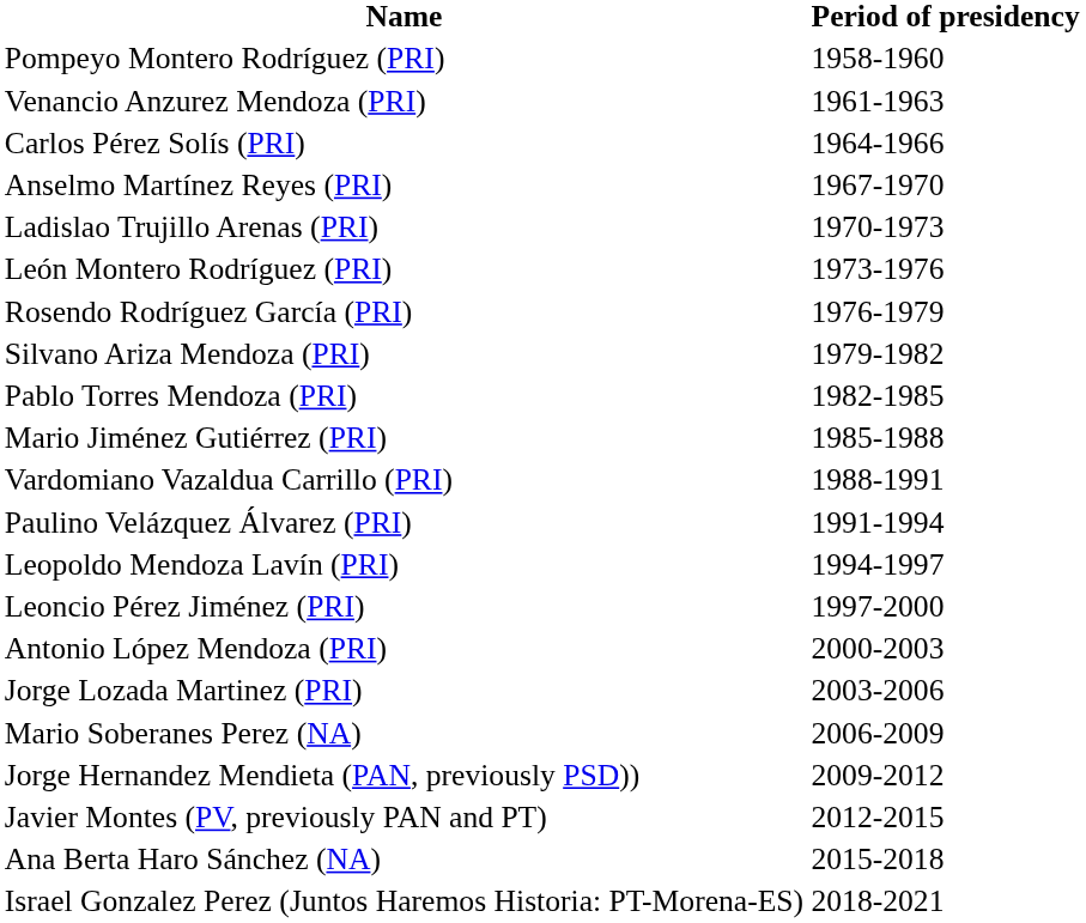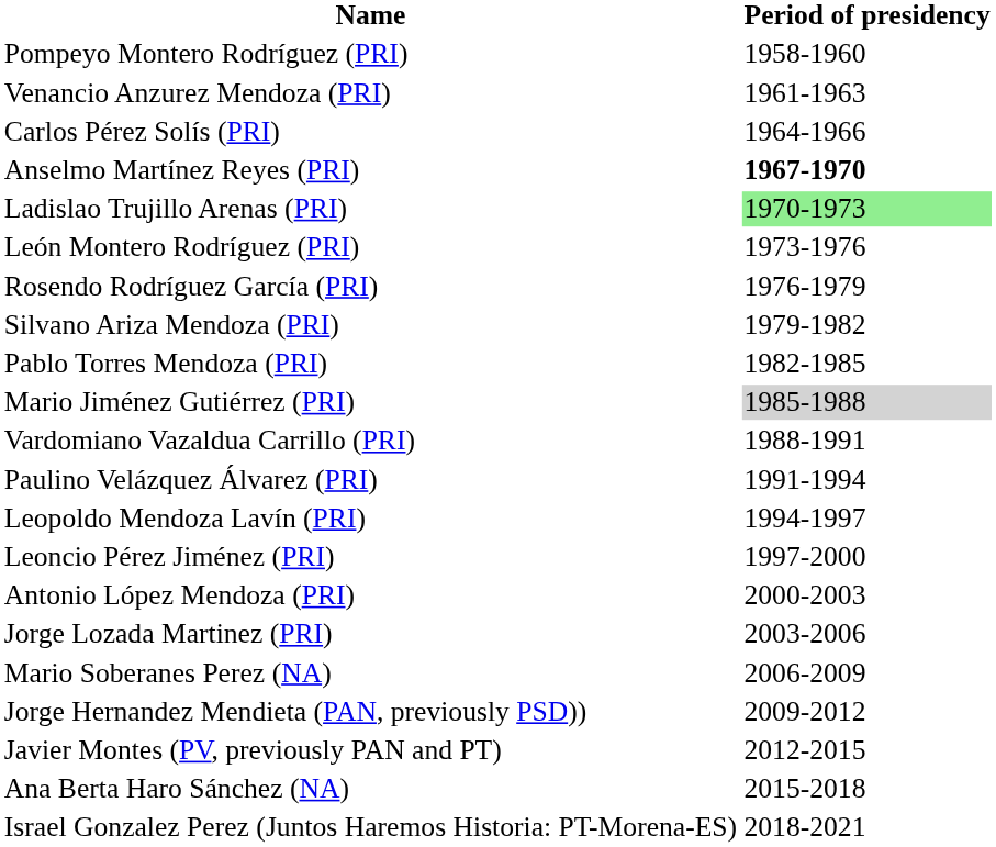 <table>
 <tr>
 <th>Name</th>
 <th>Period of presidency</th>
 </tr>
 <tr>
 <td>Pompeyo Montero Rodríguez (<a href='#'>PRI</a>)</td>
 <td>1958-1960</td>
 </tr>
 <tr>
 <td>Venancio Anzurez Mendoza (<a href='#'>PRI</a>)</td>
 <td>1961-1963</td>
 </tr>
 <tr>
 <td>Carlos Pérez Solís (<a href='#'>PRI</a>)</td>
 <td>1964-1966</td>
 </tr>
 <tr>
 <td>Anselmo Martínez Reyes (<a href='#'>PRI</a>)</td>
-<td>1967-1970</td>
+<td><strong>1967-1970</strong></td>
 </tr>
 <tr>
 <td>Ladislao Trujillo Arenas (<a href='#'>PRI</a>)</td>
-<td>1970-1973</td>
+<td style="background: lightgreen;">1970-1973</td>
 </tr>
 <tr>
 <td>León Montero Rodríguez (<a href='#'>PRI</a>)</td>
 <td>1973-1976</td>
 </tr>
 <tr>
 <td>Rosendo Rodríguez García (<a href='#'>PRI</a>)</td>
 <td>1976-1979</td>
 </tr>
 <tr>
 <td>Silvano Ariza Mendoza 	(<a href='#'>PRI</a>)</td>
 <td>1979-1982</td>
 </tr>
 <tr>
 <td>Pablo Torres Mendoza 	(<a href='#'>PRI</a>)</td>
 <td>1982-1985</td>
 </tr>
 <tr>
 <td>Mario Jiménez Gutiérrez (<a href='#'>PRI</a>)</td>
-<td>1985-1988</td>
+<td style="background: lightgrey;">1985-1988</td>
 </tr>
 <tr>
 <td>Vardomiano Vazaldua Carrillo (<a href='#'>PRI</a>)</td>
 <td>1988-1991</td>
 </tr>
 <tr>
 <td>Paulino Velázquez Álvarez (<a href='#'>PRI</a>)</td>
 <td>1991-1994</td>
 </tr>
 <tr>
 <td>Leopoldo Mendoza Lavín (<a href='#'>PRI</a>)</td>
 <td>1994-1997</td>
 </tr>
 <tr>
 <td>Leoncio Pérez Jiménez 	(<a href='#'>PRI</a>)</td>
 <td>1997-2000</td>
 </tr>
 <tr>
 <td>Antonio López Mendoza 	(<a href='#'>PRI</a>)</td>
 <td>2000-2003</td>
 </tr>
 <tr>
 <td>Jorge Lozada Martinez 	(<a href='#'>PRI</a>)</td>
 <td>2003-2006</td>
 </tr>
 <tr>
 <td>Mario Soberanes Perez (<a href='#'>NA</a>)</td>
 <td>2006-2009</td>
 </tr>
 <tr>
 <td>Jorge Hernandez Mendieta (<a href='#'>PAN</a>, previously <a href='#'>PSD</a>))</td>
 <td>2009-2012</td>
 </tr>
 <tr>
 <td>Javier Montes (<a href='#'>PV</a>, previously PAN and PT)</td>
 <td>2012-2015</td>
 </tr>
 <tr>
 <td>Ana Berta Haro Sánchez (<a href='#'>NA</a>)</td>
 <td>2015-2018</td>
 </tr>
 <tr>
 <td>Israel Gonzalez Perez (Juntos Haremos Historia: PT-Morena-ES)</td>
 <td>2018-2021</td>
 </tr>
 </table>
